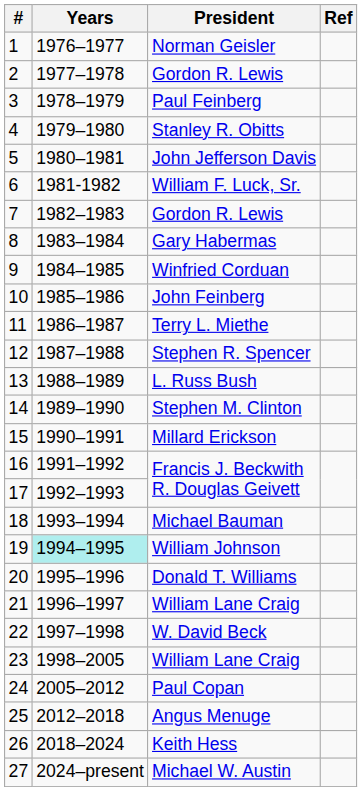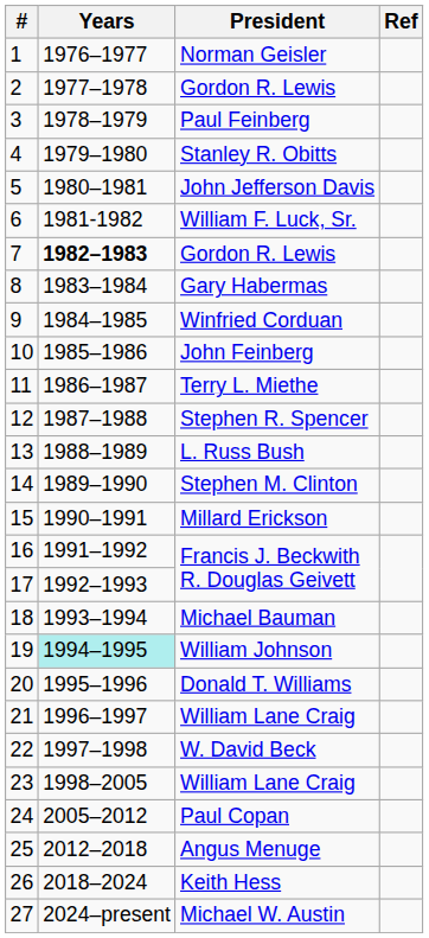 <table class="wikitable sortable">
 <tr>
 <th>#</th>
 <th>Years</th>
 <th>President</th>
 <th>Ref</th>
 </tr>
 <tr>
 <td>1</td>
 <td>1976–1977</td>
 <td><a href='#'>Norman Geisler</a></td>
 <td></td>
 </tr>
 <tr>
 <td>2</td>
 <td>1977–1978</td>
 <td><a href='#'>Gordon R. Lewis</a></td>
 <td></td>
 </tr>
 <tr>
 <td>3</td>
 <td>1978–1979</td>
 <td><a href='#'>Paul Feinberg</a></td>
 <td></td>
 </tr>
 <tr>
 <td>4</td>
 <td>1979–1980</td>
 <td><a href='#'>Stanley R. Obitts</a></td>
 <td></td>
 </tr>
 <tr>
 <td>5</td>
 <td>1980–1981</td>
 <td><a href='#'>John Jefferson Davis</a></td>
 <td></td>
 </tr>
 <tr>
 <td>6</td>
 <td>1981-1982</td>
 <td><a href='#'>William F. Luck, Sr.</a></td>
 <td></td>
 </tr>
 <tr>
 <td>7</td>
-<td>1982–1983</td>
+<td><strong>1982–1983</strong></td>
 <td><a href='#'>Gordon R. Lewis</a></td>
 <td></td>
 </tr>
 <tr>
 <td>8</td>
 <td>1983–1984</td>
 <td><a href='#'>Gary Habermas</a></td>
 </tr>
 <tr>
 <td>9</td>
 <td>1984–1985</td>
 <td><a href='#'>Winfried Corduan</a></td>
 <td></td>
 </tr>
 <tr>
 <td>10</td>
 <td>1985–1986</td>
 <td><a href='#'>John Feinberg</a></td>
 <td></td>
 </tr>
 <tr>
 <td>11</td>
 <td>1986–1987</td>
 <td><a href='#'>Terry L. Miethe</a></td>
 <td></td>
 </tr>
 <tr>
 <td>12</td>
 <td>1987–1988</td>
 <td><a href='#'>Stephen R. Spencer</a></td>
 <td></td>
 </tr>
 <tr>
 <td>13</td>
 <td>1988–1989</td>
 <td><a href='#'>L. Russ Bush</a></td>
 <td></td>
 </tr>
 <tr>
 <td>14</td>
 <td>1989–1990</td>
 <td><a href='#'>Stephen M. Clinton</a></td>
 <td></td>
 </tr>
 <tr>
 <td>15</td>
 <td>1990–1991</td>
 <td><a href='#'>Millard Erickson</a></td>
 <td></td>
 </tr>
 <tr>
 <td>16</td>
 <td>1991–1992</td>
 <td rowspan=2><a href='#'>Francis J. Beckwith</a><br><a href='#'>R. Douglas Geivett</a></td>
 <td rowspan=2></td>
 </tr>
 <tr>
 <td>17</td>
 <td>1992–1993</td>
 </tr>
 <tr>
 <td>18</td>
 <td>1993–1994</td>
 <td><a href='#'>Michael Bauman</a></td>
 <td></td>
 </tr>
 <tr>
 <td>19</td>
 <td style="background: paleturquoise;">1994–1995</td>
 <td><a href='#'>William Johnson</a></td>
 <td></td>
 </tr>
 <tr>
 <td>20</td>
 <td>1995–1996</td>
 <td><a href='#'>Donald T. Williams</a></td>
 <td></td>
 </tr>
 <tr>
 <td>21</td>
 <td>1996–1997</td>
 <td><a href='#'>William Lane Craig</a></td>
 <td></td>
 </tr>
 <tr>
 <td>22</td>
 <td>1997–1998</td>
 <td><a href='#'>W. David Beck</a></td>
 <td></td>
 </tr>
 <tr>
 <td>23</td>
 <td>1998–2005</td>
 <td><a href='#'>William Lane Craig</a></td>
 <td></td>
 </tr>
 <tr>
 <td>24</td>
 <td>2005–2012</td>
 <td><a href='#'>Paul Copan</a></td>
 <td></td>
 </tr>
 <tr>
 <td>25</td>
 <td>2012–2018</td>
 <td><a href='#'>Angus Menuge</a></td>
 <td></td>
 </tr>
 <tr>
 <td>26</td>
 <td>2018–2024</td>
 <td><a href='#'>Keith Hess</a></td>
 <td></td>
 </tr>
 <tr>
 <td>27</td>
 <td>2024–present</td>
 <td><a href='#'>Michael W. Austin</a></td>
 <td></td>
 </tr>
 </table>
